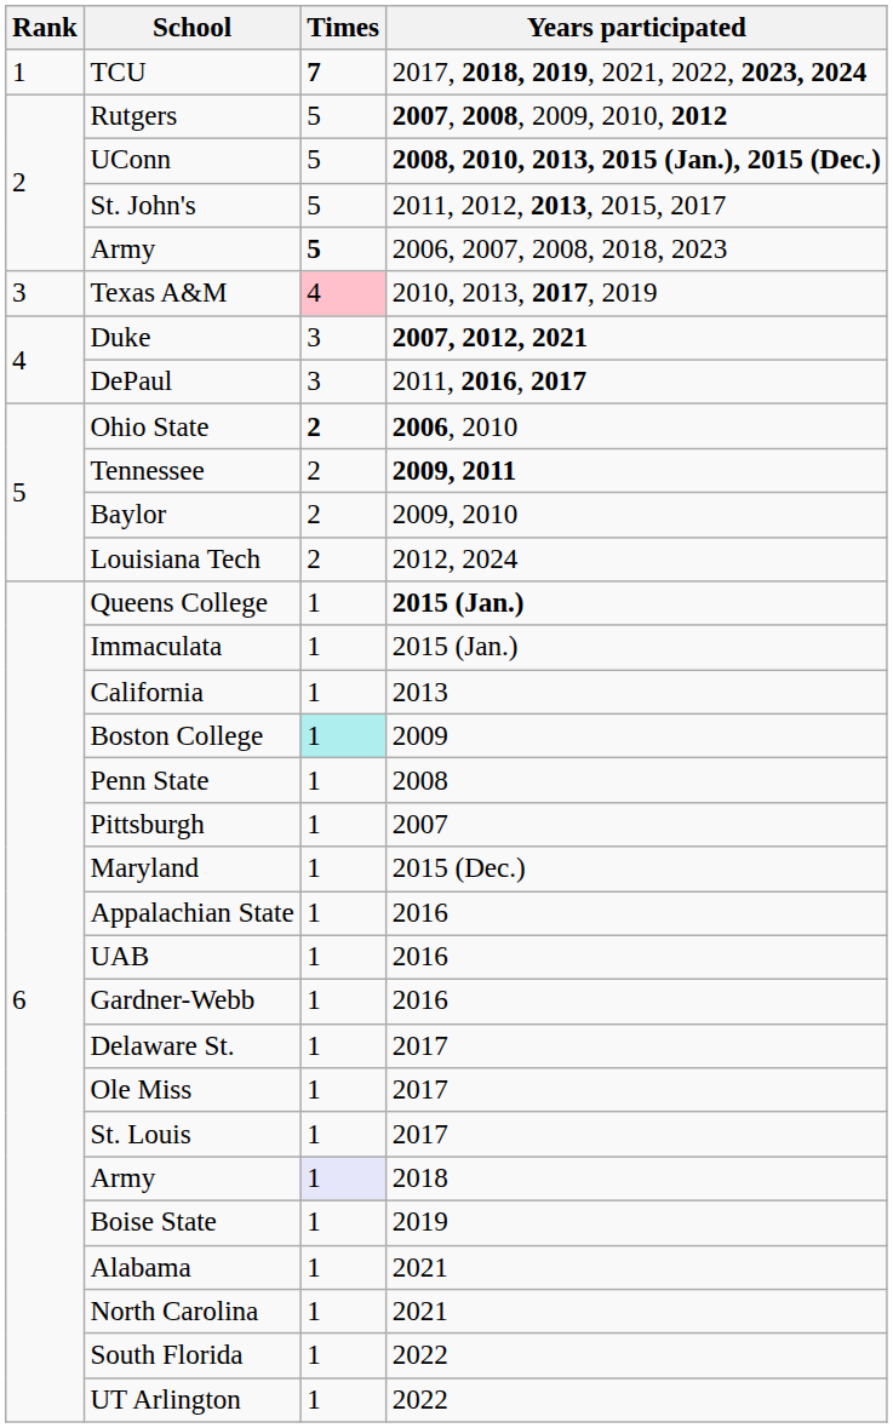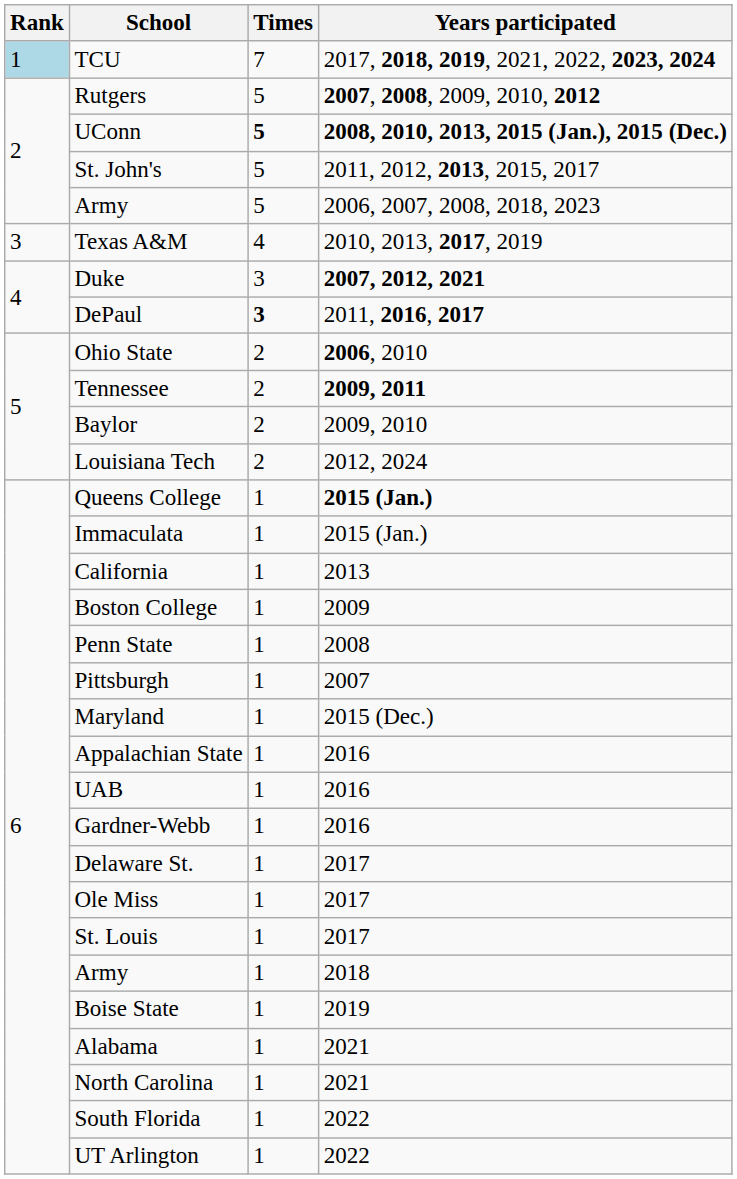 <table class="wikitable">
 <tr>
 <th>Rank</th>
 <th>School</th>
 <th>Times</th>
 <th>Years participated</th>
 </tr>
 <tr>
-<td rowspan="1">1</td>
+<td rowspan="1" style="background: lightblue;">1</td>
 <td>TCU</td>
-<td><strong>7</strong></td>
+<td>7</td>
 <td>2017, <strong>2018, 2019</strong>, 2021, 2022, <strong>2023, 2024</strong></td>
 </tr>
 <tr>
 <td rowspan="4">2</td>
 <td>Rutgers</td>
 <td>5</td>
 <td><strong>2007</strong>, <strong>2008</strong>, 2009, 2010, <strong>2012</strong></td>
 </tr>
 <tr>
 <td>UConn</td>
-<td>5</td>
+<td><strong>5</strong></td>
 <td><strong>2008, 2010, 2013, 2015 (Jan.), 2015 (Dec.)</strong></td>
 </tr>
 <tr>
 <td>St. John's</td>
 <td>5</td>
 <td>2011, 2012, <strong>2013</strong>, 2015, 2017</td>
 </tr>
 <tr>
 <td>Army</td>
-<td><strong>5</strong></td>
+<td>5</td>
 <td>2006, 2007, 2008, 2018, 2023</td>
 </tr>
 <tr>
 <td rowspan="1">3</td>
 <td>Texas A&M</td>
-<td style="background: pink;">4</td>
+<td>4</td>
 <td>2010, 2013, <strong>2017</strong>, 2019</td>
 </tr>
 <tr>
 <td rowspan="2">4</td>
 <td>Duke</td>
 <td>3</td>
 <td><strong>2007, 2012, 2021</strong></td>
 </tr>
 <tr>
 <td>DePaul</td>
-<td>3</td>
+<td><strong>3</strong></td>
 <td>2011, <strong>2016</strong>, <strong>2017</strong></td>
 </tr>
 <tr>
 <td rowspan="4">5</td>
 <td>Ohio State</td>
-<td><strong>2</strong></td>
+<td>2</td>
 <td><strong>2006</strong>, 2010</td>
 </tr>
 <tr>
 <td>Tennessee</td>
 <td>2</td>
 <td><strong>2009, 2011</strong></td>
 </tr>
 <tr>
 <td>Baylor</td>
 <td>2</td>
 <td>2009, 2010</td>
 </tr>
 <tr>
 <td>Louisiana Tech</td>
 <td>2</td>
 <td>2012, 2024</td>
 </tr>
 <tr>
 <td rowspan="19">6</td>
 <td>Queens College</td>
 <td>1</td>
 <td><strong>2015 (Jan.)</strong></td>
 </tr>
 <tr>
 <td>Immaculata</td>
 <td>1</td>
 <td>2015 (Jan.)</td>
 </tr>
 <tr>
 <td>California</td>
 <td>1</td>
 <td>2013</td>
 </tr>
 <tr>
 <td>Boston College</td>
-<td style="background: paleturquoise;">1</td>
+<td>1</td>
 <td>2009</td>
 </tr>
 <tr>
 <td>Penn State</td>
 <td>1</td>
 <td>2008</td>
 </tr>
 <tr>
 <td>Pittsburgh</td>
 <td>1</td>
 <td>2007</td>
 </tr>
 <tr>
 <td>Maryland</td>
 <td>1</td>
 <td>2015 (Dec.)</td>
 </tr>
 <tr>
 <td>Appalachian State</td>
 <td>1</td>
 <td>2016</td>
 </tr>
 <tr>
 <td>UAB</td>
 <td>1</td>
 <td>2016</td>
 </tr>
 <tr>
 <td>Gardner-Webb</td>
 <td>1</td>
 <td>2016</td>
 </tr>
 <tr>
 <td>Delaware St.</td>
 <td>1</td>
 <td>2017</td>
 </tr>
 <tr>
 <td>Ole Miss</td>
 <td>1</td>
 <td>2017</td>
 </tr>
 <tr>
 <td>St. Louis</td>
 <td>1</td>
 <td>2017</td>
 </tr>
 <tr>
 <td>Army</td>
-<td style="background: lavender;">1</td>
+<td>1</td>
 <td>2018</td>
 </tr>
 <tr>
 <td>Boise State</td>
 <td>1</td>
 <td>2019</td>
 </tr>
 <tr>
 <td>Alabama</td>
 <td>1</td>
 <td>2021</td>
 </tr>
 <tr>
 <td>North Carolina</td>
 <td>1</td>
 <td>2021</td>
 </tr>
 <tr>
 <td>South Florida</td>
 <td>1</td>
 <td>2022</td>
 </tr>
 <tr>
 <td>UT Arlington</td>
 <td>1</td>
 <td>2022</td>
 </tr>
 </table>
